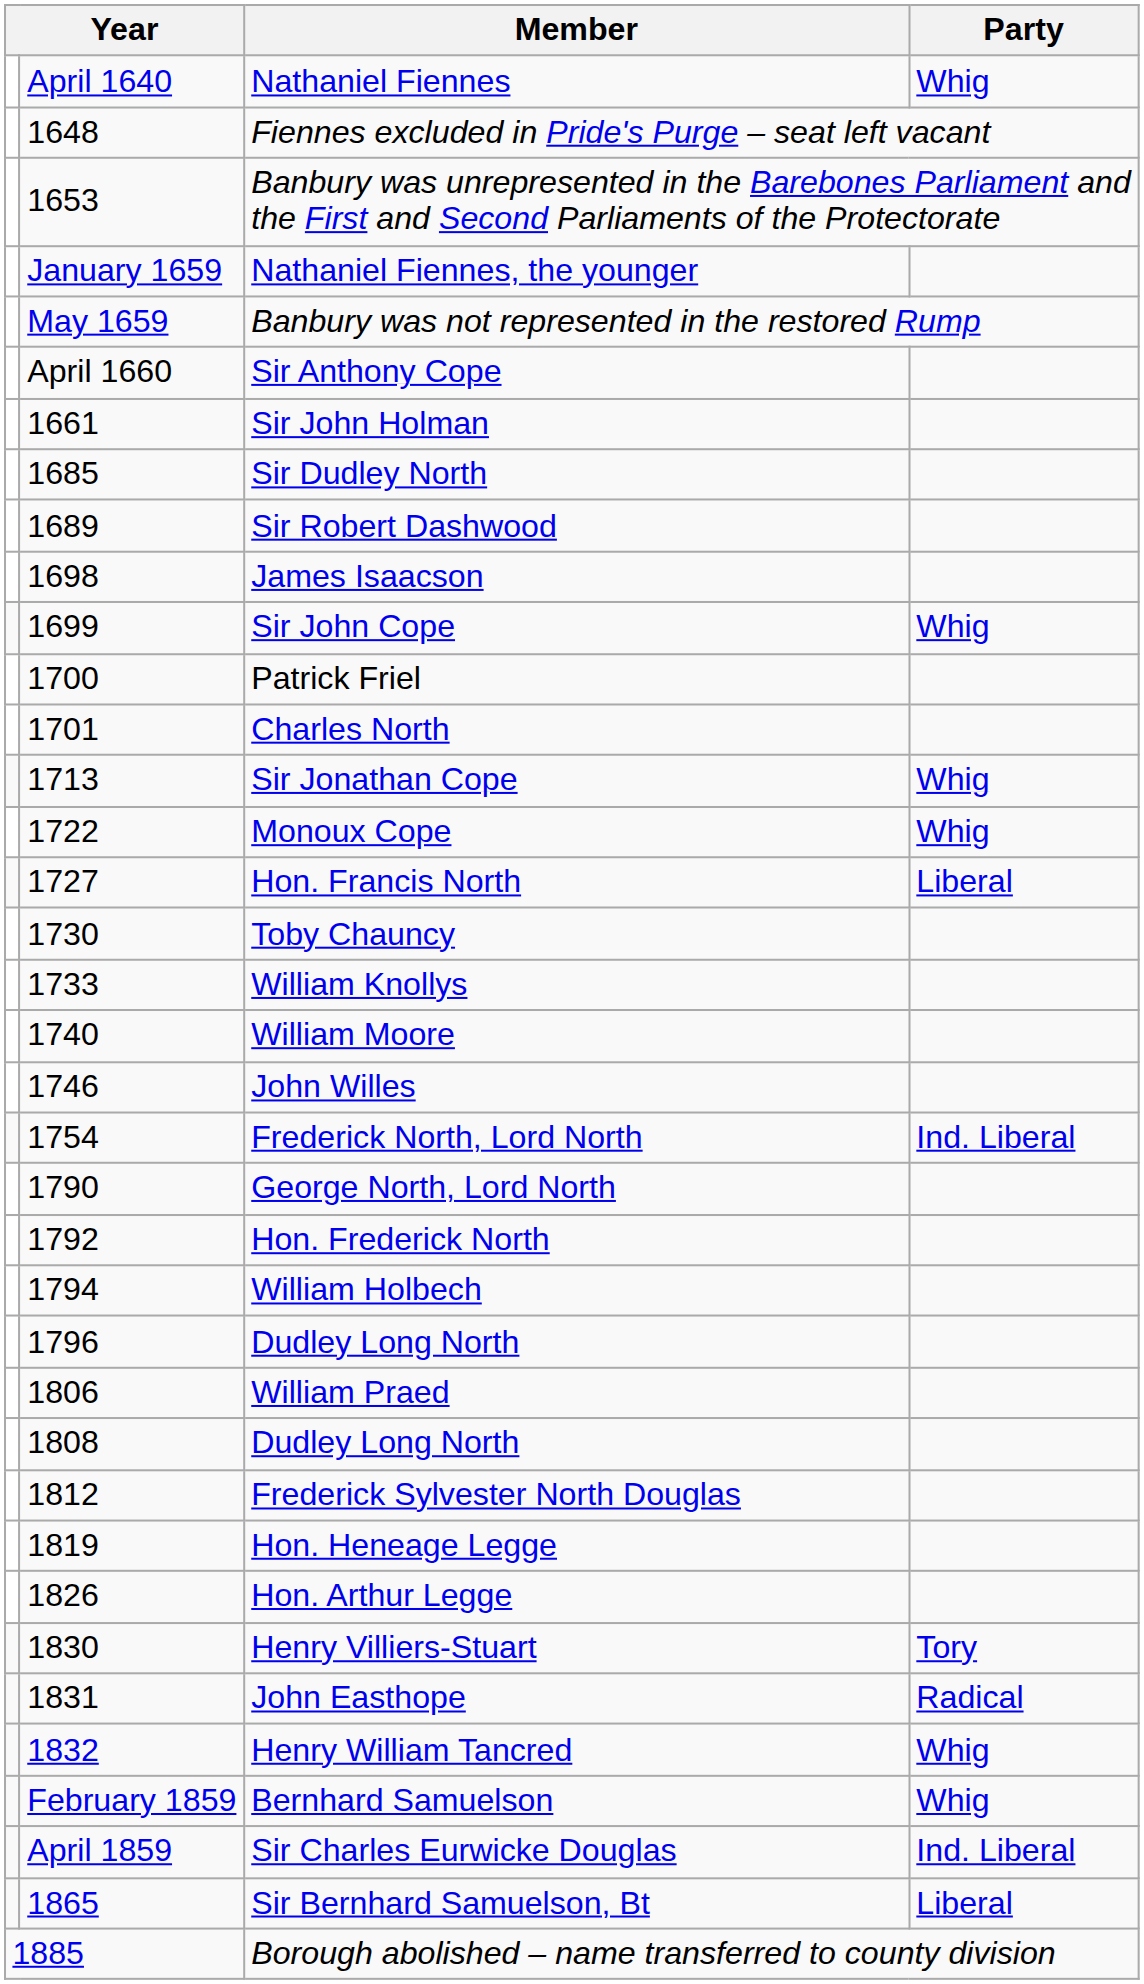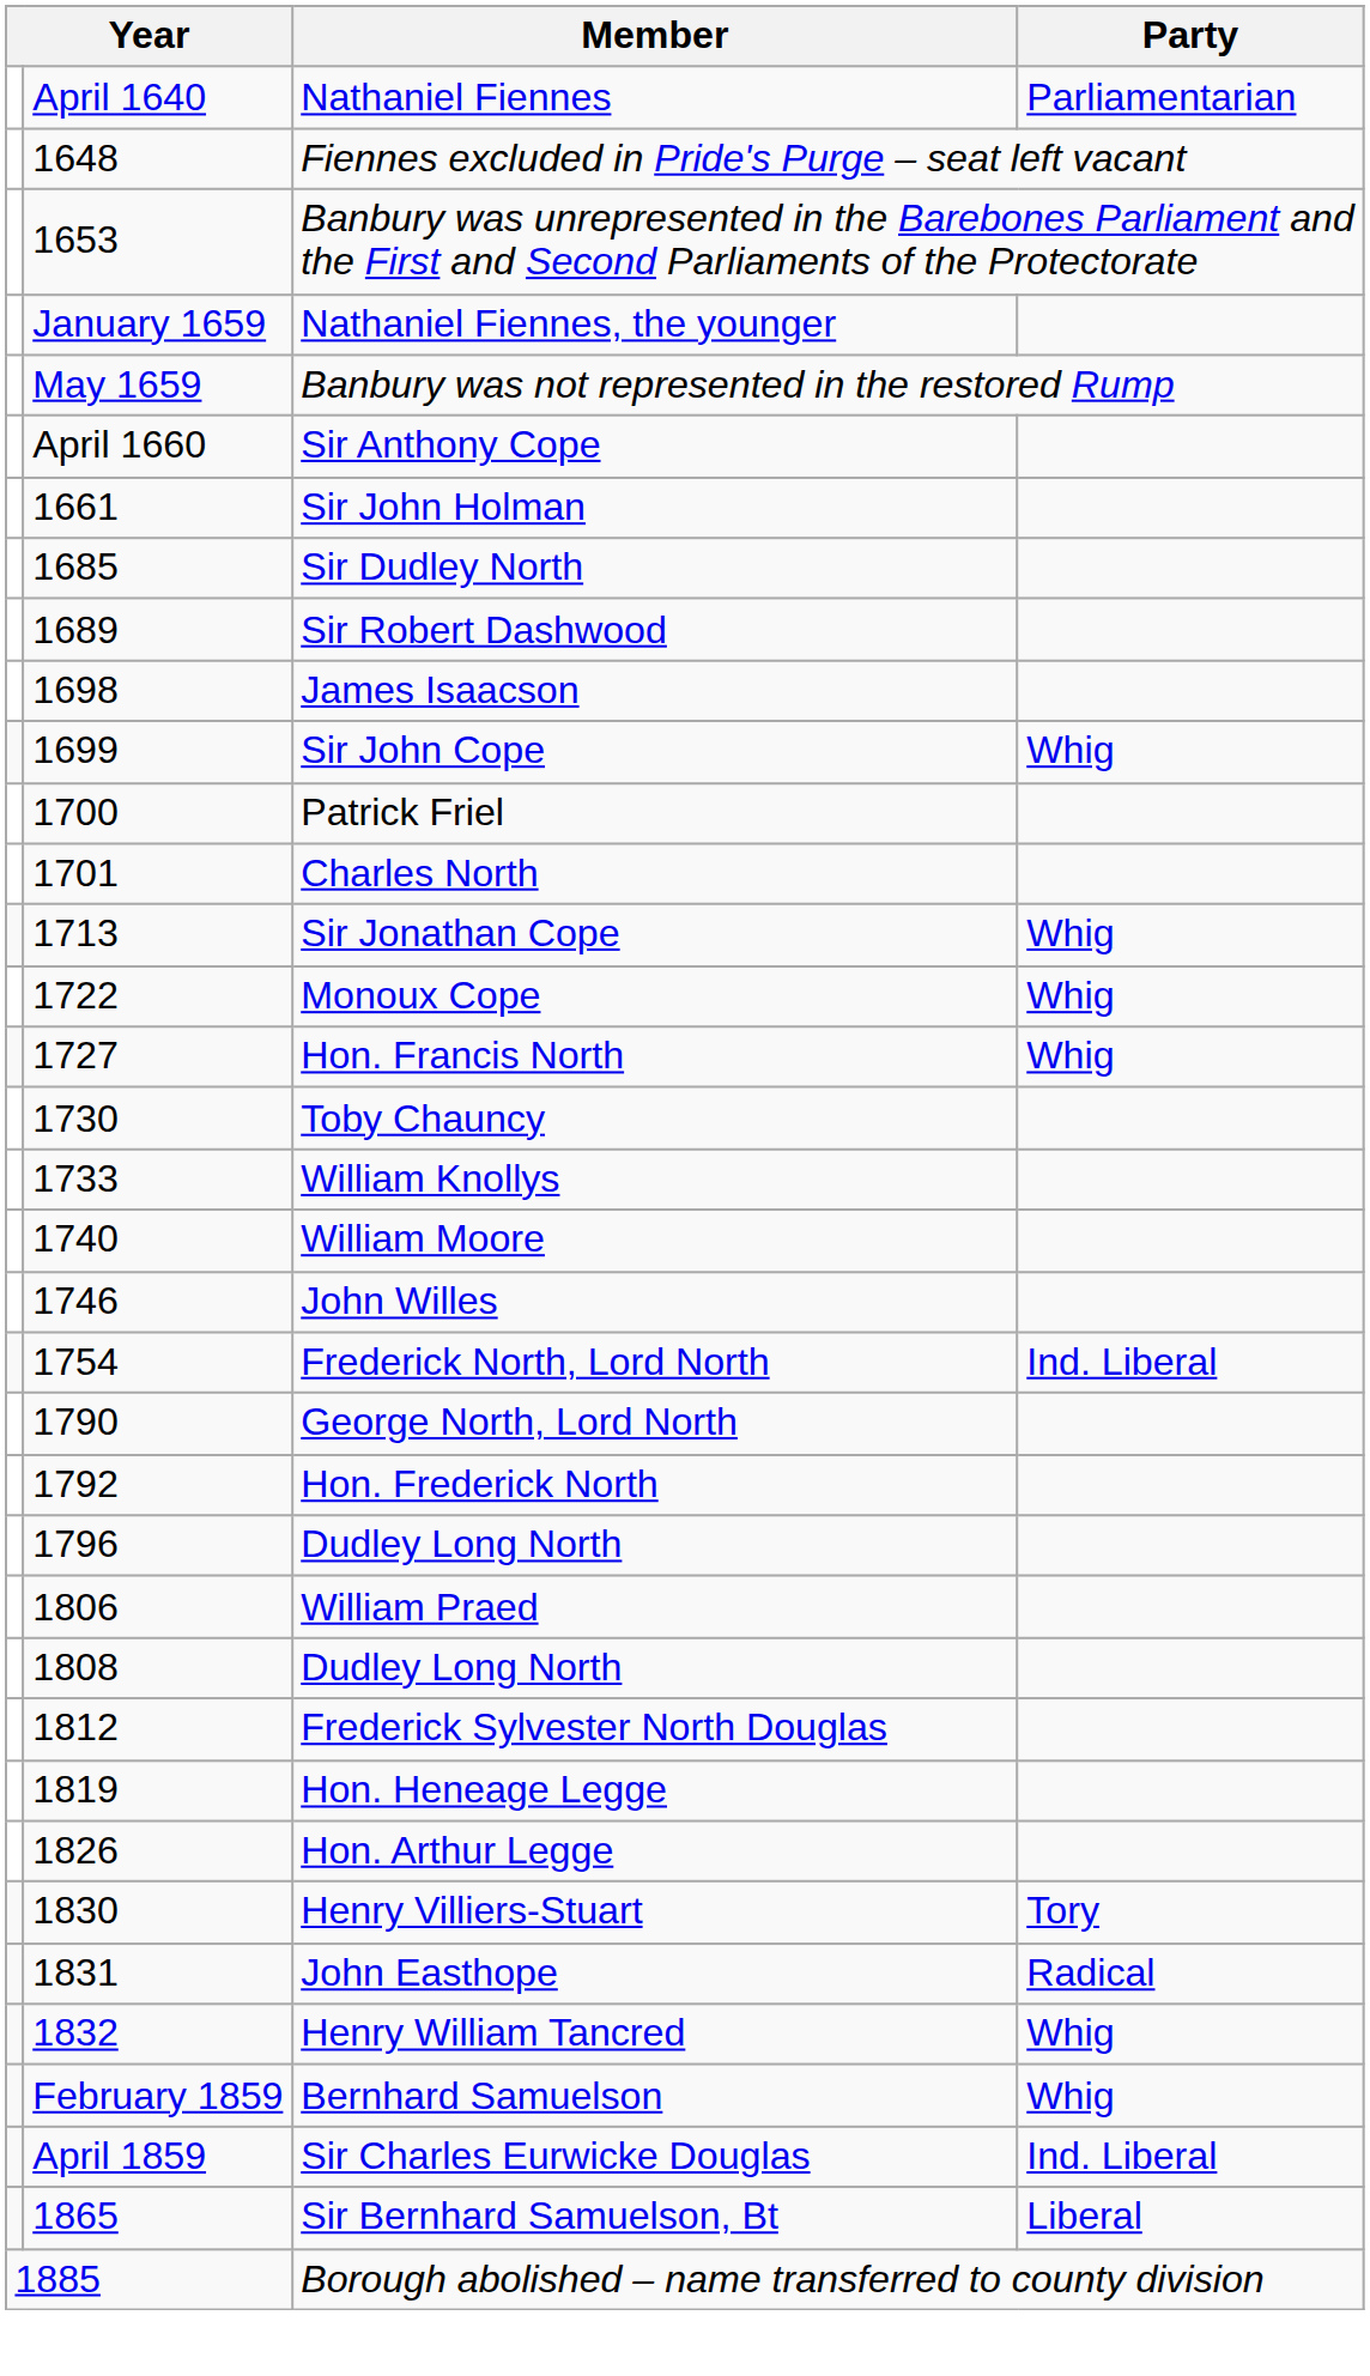 <table class="wikitable">
 <tr>
 <th colspan="2">Year</th>
 <th>Member</th>
 <th>Party</th>
 </tr>
 <tr>
 <td style="color:inherit;background-color: white"></td>
 <td><a href='#'>April 1640</a></td>
 <td><a href='#'>Nathaniel Fiennes</a></td>
-<td><a href='#'>Whig</a></td>
+<td><a href='#'>Parliamentarian</a></td>
 </tr>
 <tr>
 <td style="color:inherit;background-color: white"></td>
 <td>1648</td>
 <td colspan="2"><em>Fiennes excluded in <a href='#'>Pride's Purge</a> – seat left vacant</em></td>
 </tr>
 <tr>
 <td style="color:inherit;background-color: white"></td>
 <td>1653</td>
 <td colspan="2"><em>Banbury was unrepresented in the <a href='#'>Barebones Parliament</a> and <br>the <a href='#'>First</a> and <a href='#'>Second</a> Parliaments of the Protectorate</em></td>
 </tr>
 <tr>
 <td style="color:inherit;background-color: white"></td>
 <td><a href='#'>January 1659</a></td>
 <td><a href='#'>Nathaniel Fiennes, the younger</a></td>
 <td></td>
 </tr>
 <tr>
 <td style="color:inherit;background-color: white"></td>
 <td><a href='#'>May 1659</a></td>
 <td colspan="2"><em>Banbury was not represented in the restored <a href='#'>Rump</a></em></td>
 </tr>
 <tr>
 <td style="color:inherit;background-color: white"></td>
 <td>April 1660</td>
 <td><a href='#'>Sir Anthony Cope</a></td>
 <td></td>
 </tr>
 <tr>
 <td style="color:inherit;background-color: white"></td>
 <td>1661</td>
 <td><a href='#'>Sir John Holman</a></td>
 <td></td>
 </tr>
 <tr>
 <td style="color:inherit;background-color: white"></td>
 <td>1685</td>
 <td><a href='#'>Sir Dudley North</a></td>
 <td></td>
 </tr>
 <tr>
 <td style="color:inherit;background-color: white"></td>
 <td>1689</td>
 <td><a href='#'>Sir Robert Dashwood</a></td>
 <td></td>
 </tr>
 <tr>
 <td style="color:inherit;background-color: white"></td>
 <td>1698</td>
 <td><a href='#'>James Isaacson</a></td>
 <td></td>
 </tr>
 <tr>
 <td style="color:inherit;background-color: "></td>
 <td>1699</td>
 <td><a href='#'>Sir John Cope</a></td>
 <td><a href='#'>Whig</a></td>
 </tr>
 <tr>
 <td style="color:inherit;background-color: white"></td>
 <td>1700</td>
 <td>Patrick Friel</td>
 <td></td>
 </tr>
 <tr>
 <td style="color:inherit;background-color: white"></td>
 <td>1701</td>
 <td><a href='#'>Charles North</a></td>
 <td></td>
 </tr>
 <tr>
 <td style="color:inherit;background-color: "></td>
 <td>1713</td>
 <td><a href='#'>Sir Jonathan Cope</a></td>
 <td> <a href='#'>Whig</a></td>
 </tr>
 <tr>
 <td style="color:inherit;background-color: white"></td>
 <td>1722</td>
 <td><a href='#'>Monoux Cope</a></td>
 <td><a href='#'>Whig</a></td>
 </tr>
 <tr>
 <td style="color:inherit;background-color: "></td>
 <td>1727</td>
 <td><a href='#'>Hon. Francis North</a></td>
-<td><a href='#'>Liberal</a></td>
+<td> <a href='#'>Whig</a></td>
 </tr>
 <tr>
 <td style="color:inherit;background-color: white"></td>
 <td>1730</td>
 <td><a href='#'>Toby Chauncy</a></td>
 <td></td>
 </tr>
 <tr>
 <td style="color:inherit;background-color: white"></td>
 <td>1733</td>
 <td><a href='#'>William Knollys</a></td>
 <td></td>
 </tr>
 <tr>
 <td style="color:inherit;background-color: white"></td>
 <td>1740</td>
 <td><a href='#'>William Moore</a></td>
 <td></td>
 </tr>
 <tr>
 <td style="color:inherit;background-color: white"></td>
 <td>1746</td>
 <td><a href='#'>John Willes</a></td>
 <td></td>
 </tr>
 <tr>
 <td style="color:inherit;background-color: "></td>
 <td>1754</td>
 <td><a href='#'>Frederick North, Lord North</a></td>
 <td><a href='#'>Ind. Liberal</a></td>
 </tr>
 <tr>
 <td style="color:inherit;background-color: white"></td>
 <td>1790</td>
 <td><a href='#'>George North, Lord North</a></td>
 <td></td>
 </tr>
 <tr>
 <td style="color:inherit;background-color: white"></td>
 <td>1792</td>
 <td><a href='#'>Hon. Frederick North</a></td>
-<td></td>
-</tr>
-<tr>
-<td style="color:inherit;background-color: white"></td>
-<td>1794</td>
-<td><a href='#'>William Holbech</a></td>
 <td></td>
 </tr>
 <tr>
 <td style="color:inherit;background-color: white"></td>
 <td>1796</td>
 <td><a href='#'>Dudley Long North</a></td>
 <td></td>
 </tr>
 <tr>
 <td style="color:inherit;background-color: white"></td>
 <td>1806</td>
 <td><a href='#'>William Praed</a></td>
 <td></td>
 </tr>
 <tr>
 <td style="color:inherit;background-color: white"></td>
 <td>1808</td>
 <td><a href='#'>Dudley Long North</a></td>
 <td></td>
 </tr>
 <tr>
 <td style="color:inherit;background-color: white"></td>
 <td>1812</td>
 <td><a href='#'>Frederick Sylvester North Douglas</a></td>
 <td></td>
 </tr>
 <tr>
 <td style="color:inherit;background-color: white"></td>
 <td>1819</td>
 <td><a href='#'>Hon. Heneage Legge</a></td>
 <td></td>
 </tr>
 <tr>
 <td style="color:inherit;background-color: white"></td>
 <td>1826</td>
 <td><a href='#'>Hon. Arthur Legge</a></td>
 <td></td>
 </tr>
 <tr>
 <td style="color:inherit;background-color: "></td>
 <td>1830</td>
 <td><a href='#'>Henry Villiers-Stuart</a></td>
 <td><a href='#'>Tory</a></td>
 </tr>
 <tr>
 <td style="color:inherit;background-color: "></td>
 <td>1831</td>
 <td><a href='#'>John Easthope</a></td>
 <td><a href='#'>Radical</a></td>
 </tr>
 <tr>
 <td style="color:inherit;background-color: "></td>
 <td><a href='#'>1832</a></td>
 <td><a href='#'>Henry William Tancred</a></td>
 <td><a href='#'>Whig</a></td>
 </tr>
 <tr>
 <td style="color:inherit;background-color: "></td>
 <td><a href='#'>February 1859</a></td>
 <td><a href='#'>Bernhard Samuelson</a></td>
 <td><a href='#'>Whig</a></td>
 </tr>
 <tr>
 <td style="color:inherit;background-color: "></td>
 <td><a href='#'>April 1859</a></td>
 <td><a href='#'>Sir Charles Eurwicke Douglas</a></td>
 <td><a href='#'>Ind. Liberal</a></td>
 </tr>
 <tr>
 <td style="color:inherit;background-color: "></td>
 <td><a href='#'>1865</a></td>
 <td><a href='#'>Sir Bernhard Samuelson, Bt</a></td>
 <td><a href='#'>Liberal</a></td>
 </tr>
 <tr>
 <td colspan="2"><a href='#'>1885</a></td>
 <td colspan="2"><em>Borough abolished – name transferred to county division</em></td>
 </tr>
 </table>
